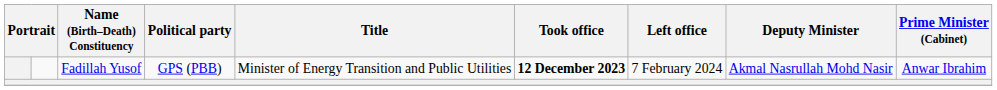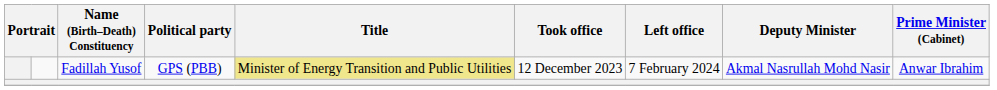 <table class="wikitable" style="text-align:center;">
 <tr>
 <th colspan=2>Portrait</th>
 <th>Name<br><small>(Birth–Death)<br>Constituency</small></th>
 <th>Political party</th>
 <th>Title</th>
 <th>Took office</th>
 <th>Left office</th>
 <th>Deputy Minister</th>
 <th><a href='#'>Prime Minister</a><br><small>(Cabinet)</small></th>
 </tr>
 <tr>
 <th style="background:"></th>
 <td></td>
 <td><a href='#'>Fadillah Yusof</a><br></td>
 <td><a href='#'>GPS</a> (<a href='#'>PBB</a>)</td>
-<td>Minister of Energy Transition and Public Utilities</td>
-<td><strong>12 December 2023</strong></td>
+<td style="background: khaki;">Minister of Energy Transition and Public Utilities</td>
+<td>12 December 2023</td>
 <td>7 February 2024</td>
 <td><a href='#'>Akmal Nasrullah Mohd Nasir</a></td>
 <td><a href='#'>Anwar Ibrahim</a><br></td>
 </tr>
 <tr>
 <th colspan="9" bgcolor="cccccc"></th>
 </tr>
 <tr>
 </tr>
 </table>
